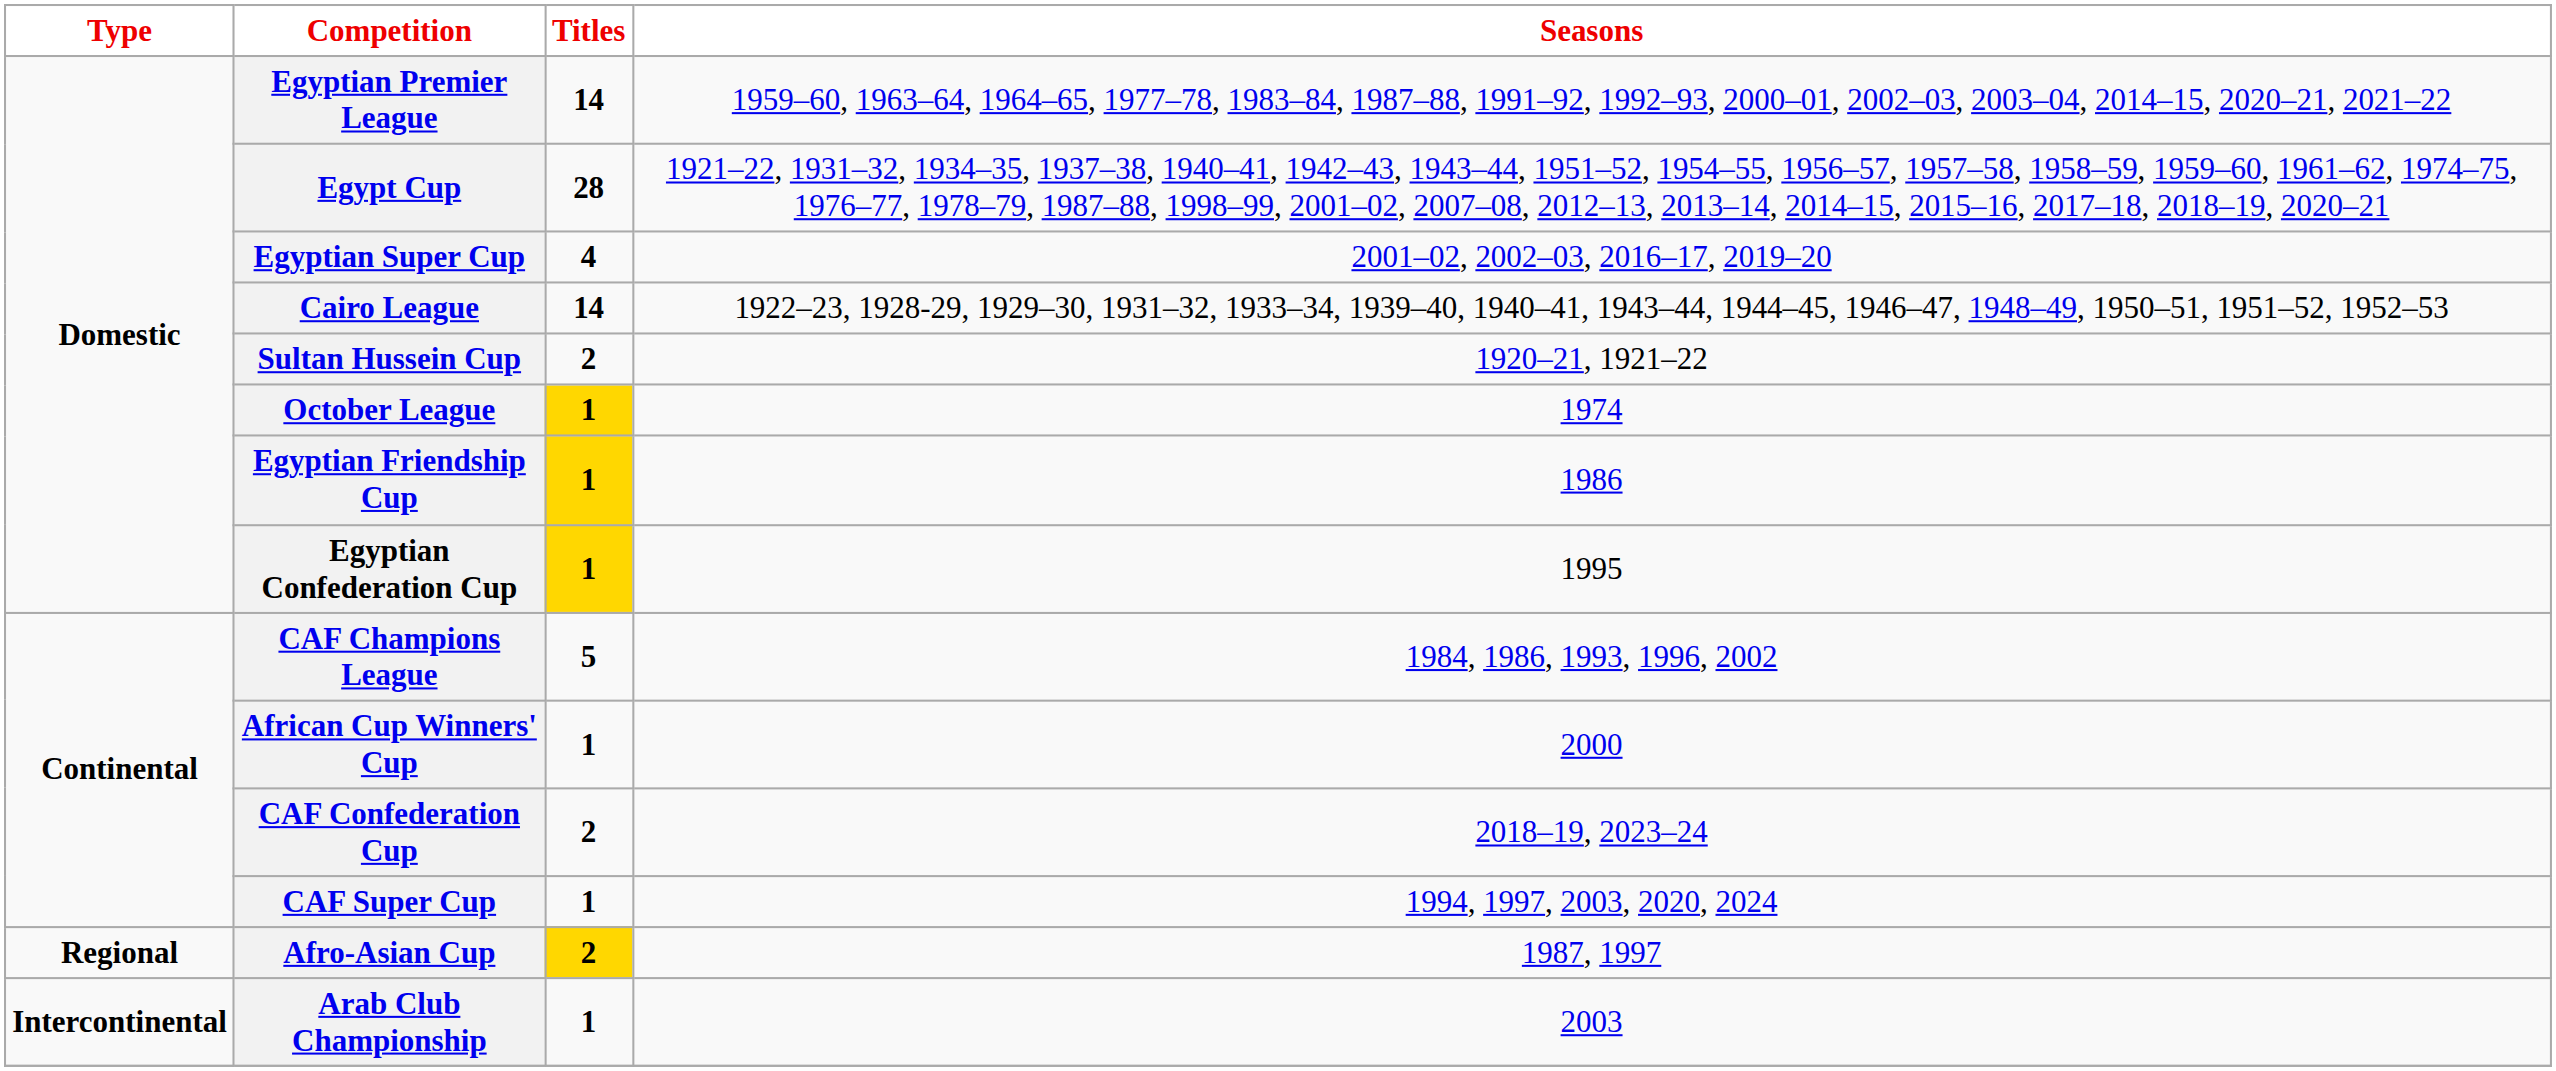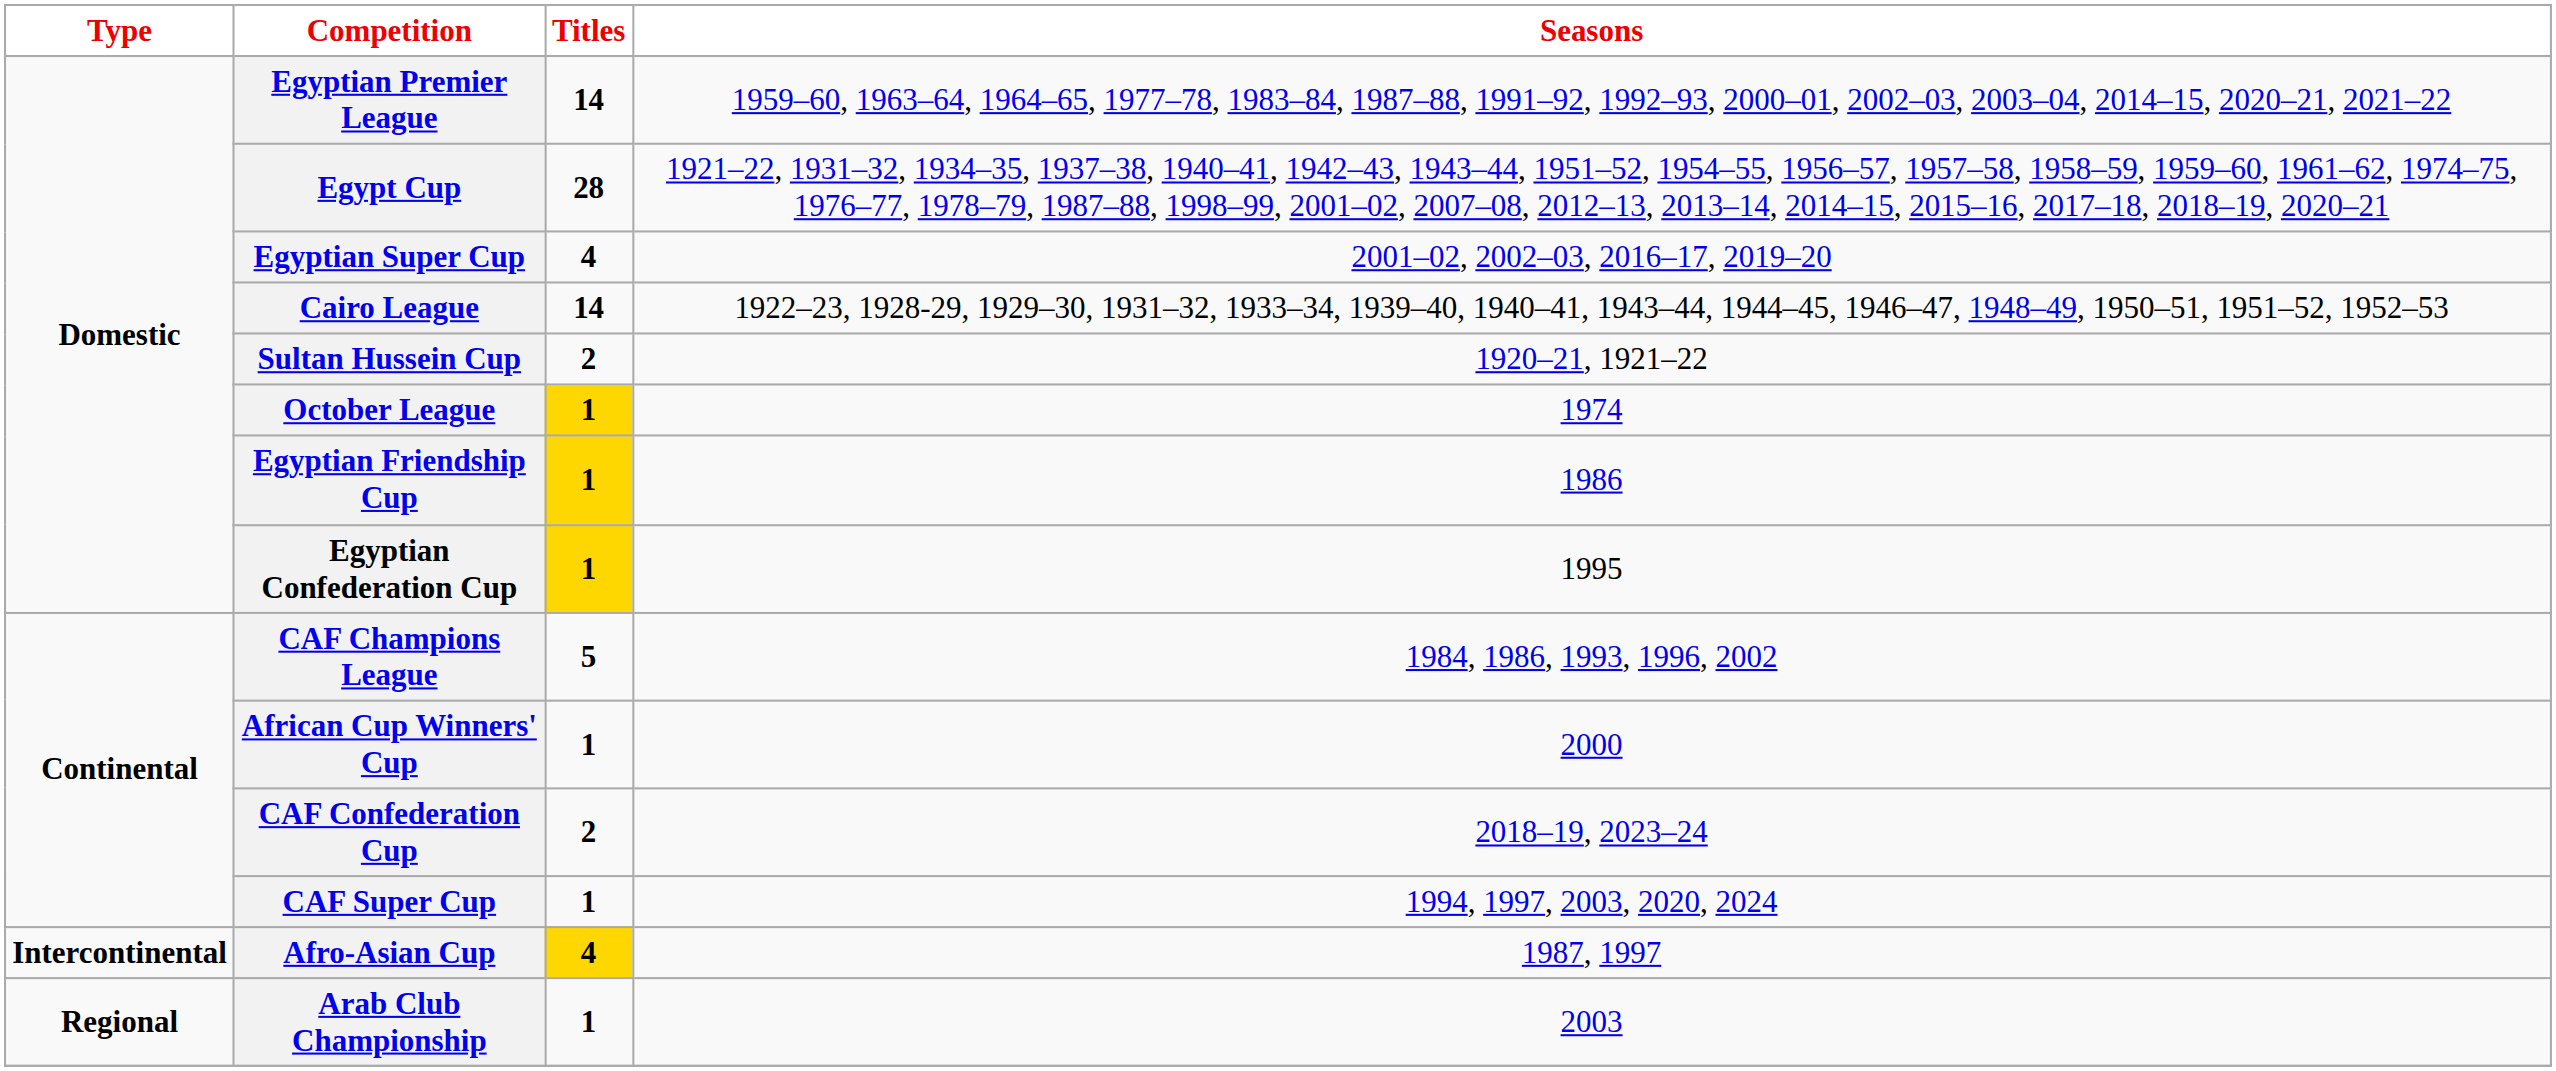 <table class="wikitable plainrowheaders" style="font-size:95%; text-align:center;">
 <tr>
 <th style="background:#FFFFFF; color:#E00; ">Type</th>
 <th style="background:#FFFFFF; color:#E00; ">Competition</th>
 <th style="background:#FFFFFF; color:#E00; ">Titles</th>
 <th style="background:#FFFFFF; color:#E00; ">Seasons</th>
 </tr>
 <tr>
 <td rowspan="8"><strong>Domestic</strong></td>
 <th scope=col><a href='#'>Egyptian Premier League</a></th>
 <td style="text-align:center;"><strong>14</strong></td>
 <td><a href='#'>1959–60</a>, <a href='#'>1963–64</a>, <a href='#'>1964–65</a>, <a href='#'>1977–78</a>, <a href='#'>1983–84</a>, <a href='#'>1987–88</a>, <a href='#'>1991–92</a>, <a href='#'>1992–93</a>, <a href='#'>2000–01</a>, <a href='#'>2002–03</a>, <a href='#'>2003–04</a>, <a href='#'>2014–15</a>, <a href='#'>2020–21</a>, <a href='#'>2021–22</a></td>
 </tr>
 <tr>
 <th scope=col><a href='#'>Egypt Cup</a></th>
 <td style="text-align:center;"><strong>28</strong></td>
 <td><a href='#'>1921–22</a>, <a href='#'>1931–32</a>, <a href='#'>1934–35</a>, <a href='#'>1937–38</a>, <a href='#'>1940–41</a>, <a href='#'>1942–43</a>, <a href='#'>1943–44</a>, <a href='#'>1951–52</a>, <a href='#'>1954–55</a>, <a href='#'>1956–57</a>, <a href='#'>1957–58</a>, <a href='#'>1958–59</a>, <a href='#'>1959–60</a>, <a href='#'>1961–62</a>, <a href='#'>1974–75</a>, <a href='#'>1976–77</a>, <a href='#'>1978–79</a>, <a href='#'>1987–88</a>, <a href='#'>1998–99</a>, <a href='#'>2001–02</a>, <a href='#'>2007–08</a>, <a href='#'>2012–13</a>, <a href='#'>2013–14</a>, <a href='#'>2014–15</a>, <a href='#'>2015–16</a>, <a href='#'>2017–18</a>, <a href='#'>2018–19</a>, <a href='#'>2020–21</a></td>
 </tr>
 <tr>
 <th scope=col><a href='#'>Egyptian Super Cup</a></th>
 <td style="text-align:center;"><strong>4</strong></td>
 <td><a href='#'>2001–02</a>, <a href='#'>2002–03</a>, <a href='#'>2016–17</a>, <a href='#'>2019–20</a></td>
 </tr>
 <tr>
 <th scope=col><a href='#'>Cairo League</a></th>
 <td style="text-align:center;"><strong>14</strong></td>
 <td>1922–23, 1928-29, 1929–30, 1931–32, 1933–34, 1939–40, 1940–41, 1943–44, 1944–45, 1946–47, <a href='#'>1948–49</a>, 1950–51, 1951–52, 1952–53</td>
 </tr>
 <tr>
 <th scope=col><a href='#'>Sultan Hussein Cup</a></th>
 <td style="text-align:center;"><strong>2</strong></td>
 <td><a href='#'>1920–21</a>, 1921–22</td>
 </tr>
 <tr>
 <th scope="col"><a href='#'>October League</a></th>
 <td style="background:gold;"><strong>1</strong></td>
 <td style="text-align:center;"><a href='#'>1974</a></td>
 </tr>
 <tr>
 <th scope="col"><a href='#'>Egyptian Friendship Cup</a></th>
 <td style="background:gold;"><strong>1</strong></td>
 <td style="text-align:center;"><a href='#'>1986</a></td>
 </tr>
 <tr>
 <th scope="col">Egyptian Confederation Cup</th>
 <td style="background:gold;"><strong>1</strong></td>
 <td style="text-align:center;">1995</td>
 </tr>
 <tr>
 <td rowspan="4"><strong>Continental</strong></td>
 <th scope=col><a href='#'>CAF Champions League</a></th>
 <td><strong>5</strong></td>
 <td><a href='#'>1984</a>, <a href='#'>1986</a>, <a href='#'>1993</a>, <a href='#'>1996</a>, <a href='#'>2002</a></td>
 </tr>
 <tr>
 <th scope=col><a href='#'>African Cup Winners' Cup</a></th>
 <td style="text-align:center;"><strong>1</strong></td>
 <td><a href='#'>2000</a></td>
 </tr>
 <tr>
 <th scope=col><a href='#'>CAF Confederation Cup</a></th>
 <td style="text-align:center;"><strong>2</strong></td>
 <td><a href='#'>2018–19</a>, <a href='#'>2023–24</a></td>
 </tr>
 <tr>
 <th scope=col><a href='#'>CAF Super Cup</a></th>
 <td style="text-align:center;"><strong>1</strong></td>
 <td><a href='#'>1994</a>, <a href='#'>1997</a>, <a href='#'>2003</a>, <a href='#'>2020</a>, <a href='#'>2024</a></td>
 </tr>
 <tr>
-<td><strong>Regional</strong></td>
+<td><strong>Intercontinental</strong></td>
 <th scope=col><a href='#'>Afro-Asian Cup</a></th>
-<td style="background:gold;"><strong>2</strong></td>
+<td style="background:gold;"><strong>4</strong></td>
 <td><a href='#'>1987</a>, <a href='#'>1997</a></td>
 </tr>
 <tr>
-<td><strong>Intercontinental</strong></td>
+<td><strong>Regional</strong></td>
 <th scope=col><a href='#'>Arab Club Championship</a></th>
 <td><strong>1</strong></td>
 <td><a href='#'>2003</a></td>
 </tr>
 <tr>
 </tr>
 </table>
